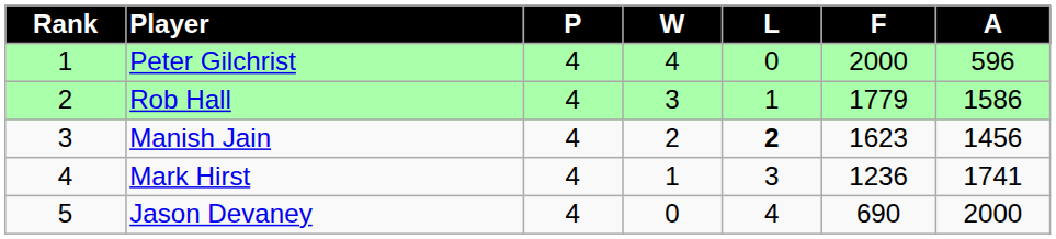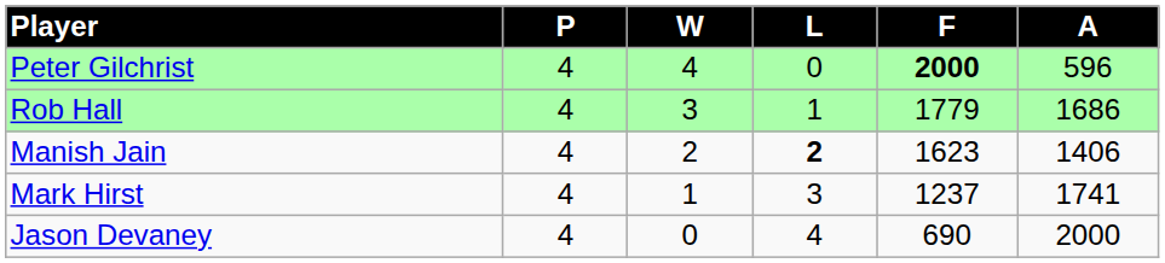 <table border="2" cellpadding="2" cellspacing="0" style="margin: 0; background: #f9f9f9; border: 1px #aaa solid; border-collapse: collapse; font-size: 100%;" width=50%>
 <tr>
-<th bgcolor="000000" style="color:white; text-align:center" width=5%>Rank</th>
 <th bgcolor="000000" style="color:white; text-align:left" width=20%>Player</th>
 <th bgcolor="000000" style="color:white; text-align:center" width=5%>P</th>
 <th bgcolor="000000" style="color:white; text-align:center" width=5%>W</th>
 <th bgcolor="000000" style="color:white; text-align:center" width=5%>L</th>
 <th bgcolor="000000" style="color:white; text-align:center" width=5%>F</th>
 <th bgcolor="000000" style="color:white; text-align:center" width=5%>A</th>
 </tr>
 <tr>
-<td style="text-align:center; background:#aaffaa">1</td>
 <td style="text-align:left; background:#aaffaa"> <a href='#'>Peter Gilchrist</a></td>
 <td style="text-align:center; background:#aaffaa">4</td>
 <td style="text-align:center; background:#aaffaa">4</td>
 <td style="text-align:center; background:#aaffaa">0</td>
-<td style="text-align:center; background:#aaffaa">2000</td>
+<td style="text-align:center; background:#aaffaa"><strong>2000</strong></td>
 <td style="text-align:center; background:#aaffaa">596</td>
 </tr>
 <tr>
-<td style="text-align:center; background:#aaffaa">2</td>
 <td style="text-align:left; background:#aaffaa"> <a href='#'>Rob Hall</a></td>
 <td style="text-align:center; background:#aaffaa">4</td>
 <td style="text-align:center; background:#aaffaa">3</td>
 <td style="text-align:center; background:#aaffaa">1</td>
 <td style="text-align:center; background:#aaffaa">1779</td>
-<td style="text-align:center; background:#aaffaa">1586</td>
+<td style="text-align:center; background:#aaffaa">1686</td>
 </tr>
 <tr>
-<td style="text-align:center">3</td>
 <td style="text-align:left;"> <a href='#'>Manish Jain</a></td>
 <td style="text-align:center;">4</td>
 <td style="text-align:center;">2</td>
 <td style="text-align:center;"><strong>2</strong></td>
 <td style="text-align:center;">1623</td>
-<td style="text-align:center;">1456</td>
+<td style="text-align:center;">1406</td>
 </tr>
 <tr>
-<td style="text-align:center">4</td>
 <td style="text-align:left;"> <a href='#'>Mark Hirst</a></td>
 <td style="text-align:center;">4</td>
 <td style="text-align:center;">1</td>
 <td style="text-align:center;">3</td>
-<td style="text-align:center;">1236</td>
+<td style="text-align:center;">1237</td>
 <td style="text-align:center;">1741</td>
 </tr>
 <tr>
-<td style="text-align:center">5</td>
 <td style="text-align:left;"> <a href='#'>Jason Devaney</a></td>
 <td style="text-align:center;">4</td>
 <td style="text-align:center;">0</td>
 <td style="text-align:center;">4</td>
 <td style="text-align:center;">690</td>
 <td style="text-align:center;">2000</td>
 </tr>
 </table>
